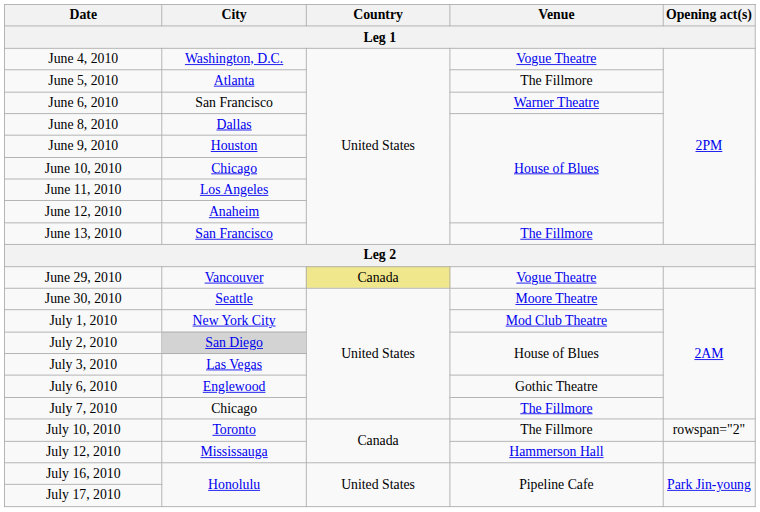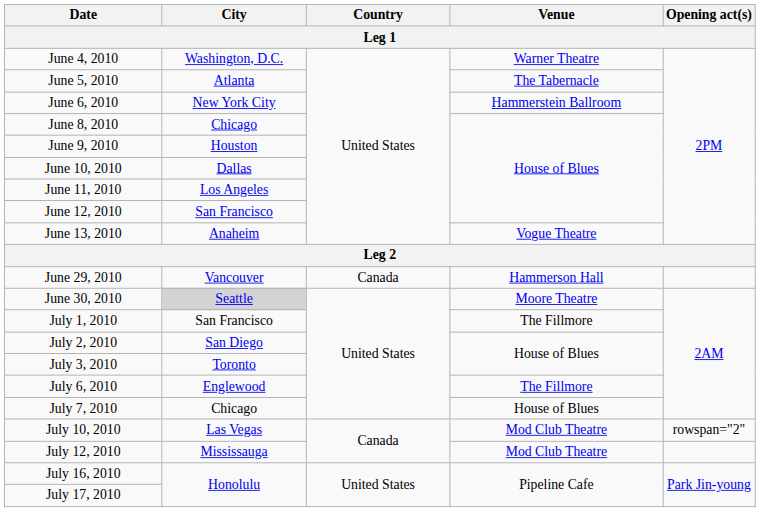 <table class="wikitable plainrowheaders" style="text-align:center;">
 <tr>
 <th scope="col" style="width:11em;">Date</th>
 <th scope="col" style="width:10em;">City</th>
 <th scope="col" style="width:10em;">Country</th>
 <th scope="col" style="width:15em;">Venue</th>
 <th>Opening act(s)</th>
 </tr>
 <tr>
 <th colspan="5">Leg 1</th>
 </tr>
 <tr>
 <td>June 4, 2010</td>
 <td><a href='#'>Washington, D.C.</a></td>
 <td rowspan="9">United States</td>
-<td><a href='#'>Vogue Theatre</a></td>
+<td><a href='#'>Warner Theatre</a></td>
 <td rowspan="9"><a href='#'>2PM</a></td>
 </tr>
 <tr>
 <td>June 5, 2010</td>
 <td><a href='#'>Atlanta</a></td>
-<td>The Fillmore</td>
+<td><a href='#'>The Tabernacle</a></td>
 </tr>
 <tr>
 <td>June 6, 2010</td>
-<td>San Francisco</td>
-<td><a href='#'>Warner Theatre</a></td>
+<td><a href='#'>New York City</a></td>
+<td><a href='#'>Hammerstein Ballroom</a></td>
 </tr>
 <tr>
 <td>June 8, 2010</td>
-<td><a href='#'>Dallas</a></td>
+<td><a href='#'>Chicago</a></td>
 <td rowspan="5"><a href='#'>House of Blues</a></td>
 </tr>
 <tr>
 <td>June 9, 2010</td>
 <td><a href='#'>Houston</a></td>
 </tr>
 <tr>
 <td>June 10, 2010</td>
-<td><a href='#'>Chicago</a></td>
+<td><a href='#'>Dallas</a></td>
 </tr>
 <tr>
 <td>June 11, 2010</td>
 <td><a href='#'>Los Angeles</a></td>
 </tr>
 <tr>
 <td>June 12, 2010</td>
-<td><a href='#'>Anaheim</a></td>
+<td><a href='#'>San Francisco</a></td>
 </tr>
 <tr>
 <td>June 13, 2010</td>
-<td><a href='#'>San Francisco</a></td>
-<td><a href='#'>The Fillmore</a></td>
+<td><a href='#'>Anaheim</a></td>
+<td><a href='#'>Vogue Theatre</a></td>
 </tr>
 <tr>
 <th colspan="5">Leg 2</th>
 </tr>
 <tr>
 <td>June 29, 2010</td>
 <td><a href='#'>Vancouver</a></td>
-<td style="background: khaki;">Canada</td>
-<td><a href='#'>Vogue Theatre</a></td>
+<td>Canada</td>
+<td><a href='#'>Hammerson Hall</a></td>
 <td></td>
 </tr>
 <tr>
 <td>June 30, 2010</td>
-<td><a href='#'>Seattle</a></td>
+<td style="background: lightgrey;"><a href='#'>Seattle</a></td>
 <td rowspan="6">United States</td>
 <td><a href='#'>Moore Theatre</a></td>
 <td rowspan="6"><a href='#'>2AM</a></td>
 </tr>
 <tr>
 <td>July 1, 2010</td>
-<td><a href='#'>New York City</a></td>
-<td><a href='#'>Mod Club Theatre</a></td>
+<td>San Francisco</td>
+<td>The Fillmore</td>
 </tr>
 <tr>
 <td>July 2, 2010</td>
-<td style="background: lightgrey;"><a href='#'>San Diego</a></td>
+<td><a href='#'>San Diego</a></td>
 <td rowspan="2">House of Blues</td>
 </tr>
 <tr>
 <td>July 3, 2010</td>
-<td><a href='#'>Las Vegas</a></td>
+<td><a href='#'>Toronto</a></td>
 </tr>
 <tr>
 <td>July 6, 2010</td>
 <td><a href='#'>Englewood</a></td>
-<td>Gothic Theatre</td>
+<td><a href='#'>The Fillmore</a></td>
 </tr>
 <tr>
 <td>July 7, 2010</td>
 <td>Chicago</td>
-<td><a href='#'>The Fillmore</a></td>
+<td>House of Blues</td>
 </tr>
 <tr>
 <td>July 10, 2010</td>
-<td><a href='#'>Toronto</a></td>
+<td><a href='#'>Las Vegas</a></td>
 <td rowspan="2">Canada</td>
-<td>The Fillmore</td>
+<td><a href='#'>Mod Club Theatre</a></td>
 <td>rowspan="2" </td>
 </tr>
 <tr>
 <td>July 12, 2010</td>
 <td><a href='#'>Mississauga</a></td>
-<td><a href='#'>Hammerson Hall</a></td>
+<td><a href='#'>Mod Club Theatre</a></td>
 </tr>
 <tr>
 <td>July 16, 2010</td>
 <td rowspan="2"><a href='#'>Honolulu</a></td>
 <td rowspan="2">United States</td>
 <td rowspan="2">Pipeline Cafe</td>
 <td rowspan="2"><a href='#'>Park Jin-young</a></td>
 </tr>
 <tr>
 <td>July 17, 2010</td>
 </tr>
 </table>
